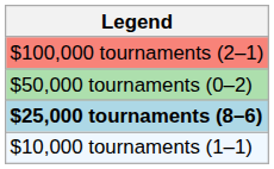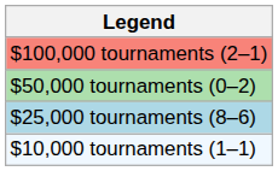 <table class="wikitable" style="font-size:85%">
 <tr>
 <th>Legend</th>
 </tr>
 <tr style="background:#f88379;">
 <td>$100,000 tournaments (2–1)</td>
 </tr>
 <tr style="background:#addfad;">
 <td>$50,000 tournaments (0–2)</td>
 </tr>
 <tr style="background:lightblue;">
-<td><strong>$25,000 tournaments (8–6)</strong></td>
+<td>$25,000 tournaments (8–6)</td>
 </tr>
 <tr style="background:#f0f8ff;">
 <td>$10,000 tournaments (1–1)</td>
 </tr>
 </table>
